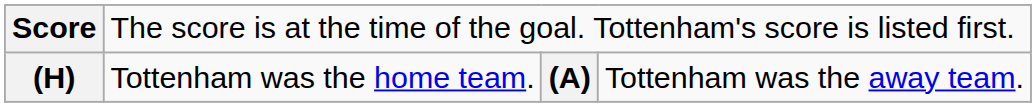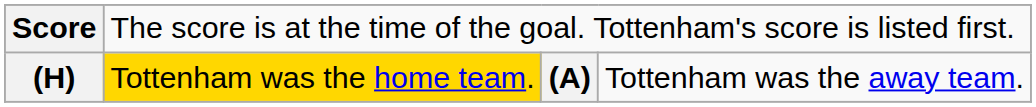 <table class="wikitable">
 <tr>
 <th>Score</th>
 <td colspan="3">The score is at the time of the goal. Tottenham's score is listed first.</td>
 </tr>
 <tr>
 <th>(H)</th>
-<td>Tottenham was the <a href='#'>home team</a>.</td>
+<td style="background: gold;">Tottenham was the <a href='#'>home team</a>.</td>
 <th>(A)</th>
 <td>Tottenham was the <a href='#'>away team</a>.</td>
 </tr>
 </table>
